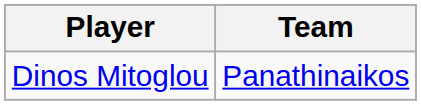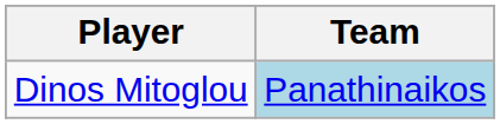 <table class="wikitable">
 <tr>
 <th>Player</th>
 <th>Team</th>
 </tr>
 <tr>
 <td> <a href='#'>Dinos Mitoglou</a></td>
-<td><a href='#'>Panathinaikos</a></td>
+<td style="background: lightblue;"><a href='#'>Panathinaikos</a></td>
 </tr>
 </table>
